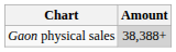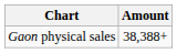 <table class="wikitable">
 <tr>
 <th>Chart</th>
 <th>Amount</th>
 </tr>
 <tr>
 <td><em>Gaon</em> physical sales</td>
-<td align="center" style="background: lightgrey;">38,388+</td>
+<td align="center">38,388+</td>
 </tr>
 </table>
